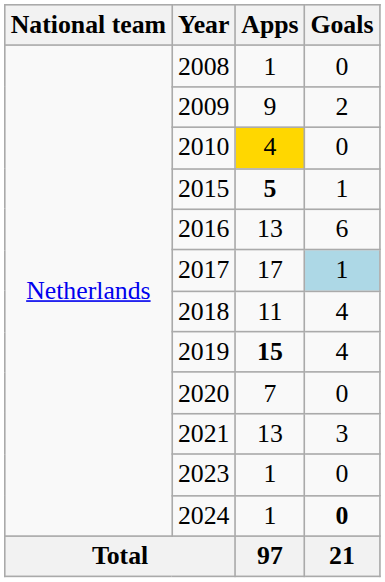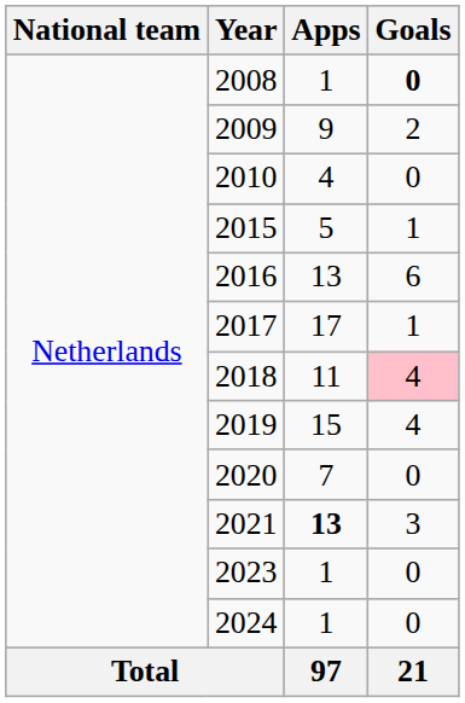 <table class="wikitable" style="text-align:center">
 <tr>
 <th>National team</th>
 <th>Year</th>
 <th>Apps</th>
 <th>Goals</th>
 </tr>
 <tr>
 <td rowspan="12"><a href='#'>Netherlands</a></td>
 <td>2008</td>
 <td>1</td>
-<td>0</td>
+<td><strong>0</strong></td>
 </tr>
 <tr>
 <td>2009</td>
 <td>9</td>
 <td>2</td>
 </tr>
 <tr>
 <td>2010</td>
-<td style="background: gold;">4</td>
+<td>4</td>
 <td>0</td>
 </tr>
 <tr>
 <td>2015</td>
-<td><strong>5</strong></td>
+<td>5</td>
 <td>1</td>
 </tr>
 <tr>
 <td>2016</td>
 <td>13</td>
 <td>6</td>
 </tr>
 <tr>
 <td>2017</td>
 <td>17</td>
-<td style="background: lightblue;">1</td>
+<td>1</td>
 </tr>
 <tr>
 <td>2018</td>
 <td>11</td>
-<td>4</td>
+<td style="background: pink;">4</td>
 </tr>
 <tr>
 <td>2019</td>
-<td><strong>15</strong></td>
+<td>15</td>
 <td>4</td>
 </tr>
 <tr>
 <td>2020</td>
 <td>7</td>
 <td>0</td>
 </tr>
 <tr>
 <td>2021</td>
-<td>13</td>
+<td><strong>13</strong></td>
 <td>3</td>
 </tr>
 <tr>
 <td>2023</td>
 <td>1</td>
 <td>0</td>
 </tr>
 <tr>
 <td>2024</td>
 <td>1</td>
-<td><strong>0</strong></td>
+<td>0</td>
 </tr>
 <tr>
 <th colspan="2">Total</th>
 <th>97</th>
 <th>21</th>
 </tr>
 </table>
